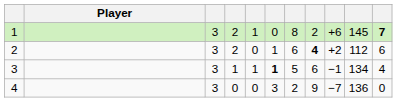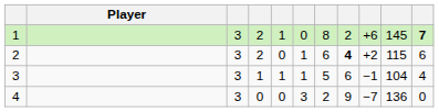 <table class="wikitable" style="text-align:center; margin: 1em auto 1em auto, align:left">
 <tr>
 <th width=20></th>
 <th width=240>Player</th>
 <th width=20></th>
 <th width=20></th>
 <th width=20></th>
 <th width=20></th>
 <th width=20></th>
 <th width=20></th>
 <th width=20></th>
 <th width=30></th>
 <th width=20></th>
 </tr>
 <tr style="background:#D0F0C0;">
 <td>1</td>
 <td align=left></td>
 <td>3</td>
 <td>2</td>
 <td>1</td>
 <td>0</td>
 <td>8</td>
 <td>2</td>
 <td>+6</td>
 <td>145</td>
 <td><strong>7</strong></td>
 </tr>
 <tr style=>
 <td>2</td>
 <td align=left></td>
 <td>3</td>
 <td>2</td>
 <td>0</td>
 <td>1</td>
 <td>6</td>
 <td><strong>4</strong></td>
 <td>+2</td>
-<td>112</td>
+<td>115</td>
 <td>6</td>
 </tr>
 <tr style=>
 <td>3</td>
 <td align=left></td>
 <td>3</td>
 <td>1</td>
 <td>1</td>
-<td><strong>1</strong></td>
+<td>1</td>
 <td>5</td>
 <td>6</td>
 <td>−1</td>
-<td>134</td>
+<td>104</td>
 <td>4</td>
 </tr>
 <tr style=>
 <td>4</td>
 <td align=left></td>
 <td>3</td>
 <td>0</td>
 <td>0</td>
 <td>3</td>
 <td>2</td>
 <td>9</td>
 <td>−7</td>
 <td>136</td>
 <td>0</td>
 </tr>
 </table>
